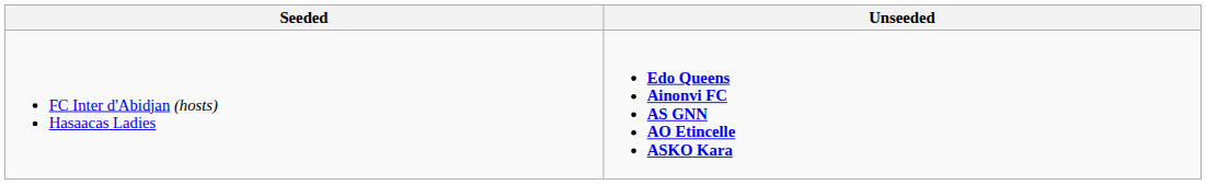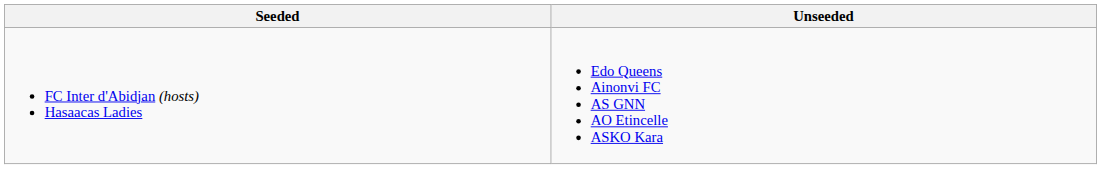 <table class="wikitable" style="width:75%;">
 <tr>
 <th width=50%>Seeded</th>
 <th width=50%>Unseeded</th>
 </tr>
 <tr>
 <td><br><ul><li> <a href='#'>FC Inter d'Abidjan</a> <em>(hosts)</em></li><li> <a href='#'>Hasaacas Ladies</a></li></ul></td>
-<td><strong><br><ul><li> <a href='#'>Edo Queens</a></li><li> <a href='#'>Ainonvi FC</a></li><li> <a href='#'>AS GNN</a></li><li> <a href='#'>AO Etincelle</a></li><li> <a href='#'>ASKO Kara</a></li></ul></strong></td>
+<td><br><ul><li> <a href='#'>Edo Queens</a></li><li> <a href='#'>Ainonvi FC</a></li><li> <a href='#'>AS GNN</a></li><li> <a href='#'>AO Etincelle</a></li><li> <a href='#'>ASKO Kara</a></li></ul></td>
 </tr>
 </table>
